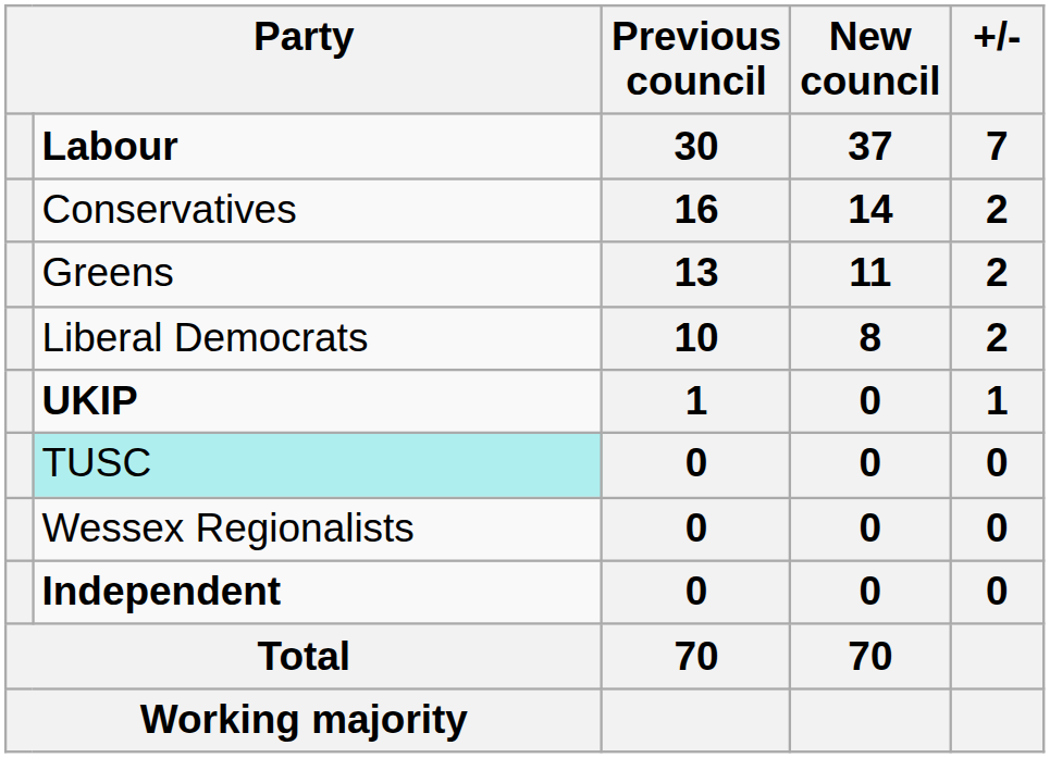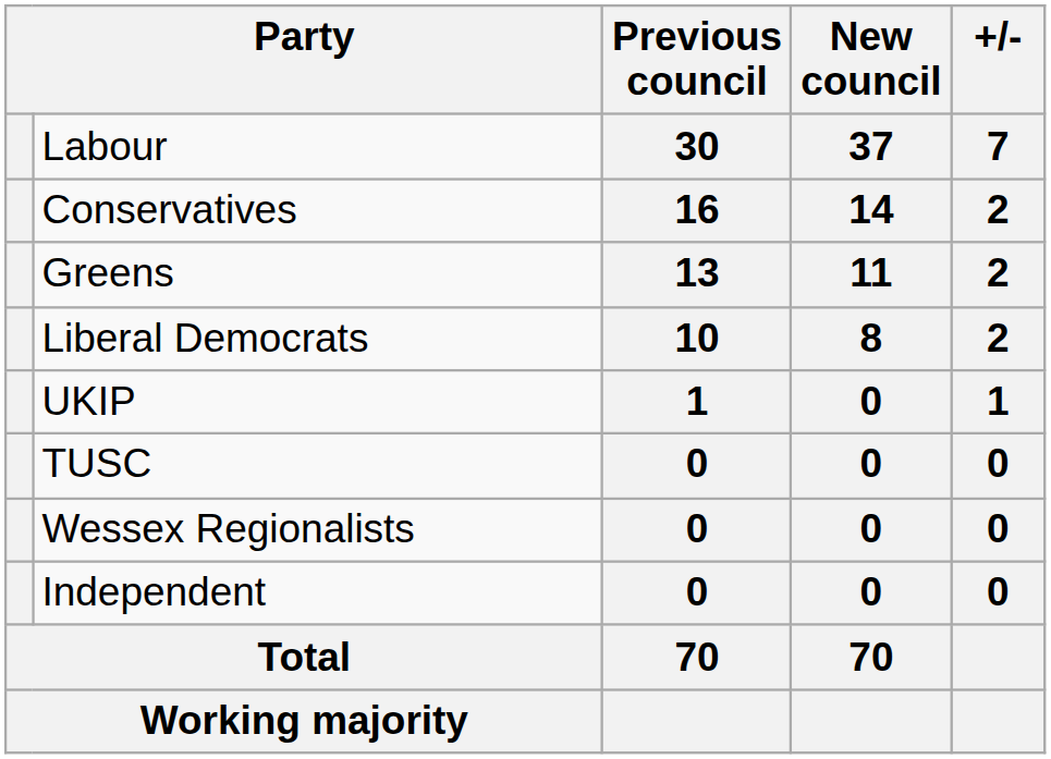 <table class="wikitable">
 <tr>
 <th valign=top colspan="2" style="width: 230px">Party</th>
 <th valign=top style="width: 30px">Previous council</th>
 <th valign=top style="width: 30px">New council</th>
 <th valign=top style="width: 30px">+/-</th>
 </tr>
 <tr>
 <th style="background-color: "></th>
-<td><strong>Labour</strong></td>
+<td>Labour</td>
 <th align=center>30</th>
 <th align=center>37</th>
 <th align=center>7</th>
 </tr>
 <tr>
 <th style="background-color: "></th>
 <td>Conservatives</td>
 <th align=center>16</th>
 <th align=center>14</th>
 <th align=center>2</th>
 </tr>
 <tr>
 <th style="background-color: "></th>
 <td>Greens</td>
 <th align=center>13</th>
 <th align=center>11</th>
 <th align=center>2</th>
 </tr>
 <tr>
 <th style="background-color: "></th>
 <td>Liberal Democrats</td>
 <th align=center>10</th>
 <th align=center>8</th>
 <th align=center>2</th>
 </tr>
 <tr>
 <th style="background-color: "></th>
-<td><strong>UKIP</strong></td>
+<td>UKIP</td>
 <th align=center>1</th>
 <th align=center>0</th>
 <th align=center>1</th>
 </tr>
 <tr>
 <th style="background-color: "></th>
-<td style="background: paleturquoise;">TUSC</td>
+<td>TUSC</td>
 <th align=center>0</th>
 <th align=center>0</th>
 <th align=center>0</th>
 </tr>
 <tr>
 <th style="background-color: "></th>
 <td>Wessex Regionalists</td>
 <th align=center>0</th>
 <th align=center>0</th>
 <th align=center>0</th>
 </tr>
 <tr>
 <th style="background-color: "></th>
-<td><strong>Independent</strong></td>
+<td>Independent</td>
 <th align=center>0</th>
 <th align=center>0</th>
 <th align=center>0</th>
 </tr>
 <tr>
 <th colspan=2>Total</th>
 <th style="text-align: center">70</th>
 <th style="text-align: center">70</th>
 <th></th>
 </tr>
 <tr>
 <th colspan=2>Working majority</th>
 <th></th>
 <th></th>
 <th></th>
 </tr>
 </table>
